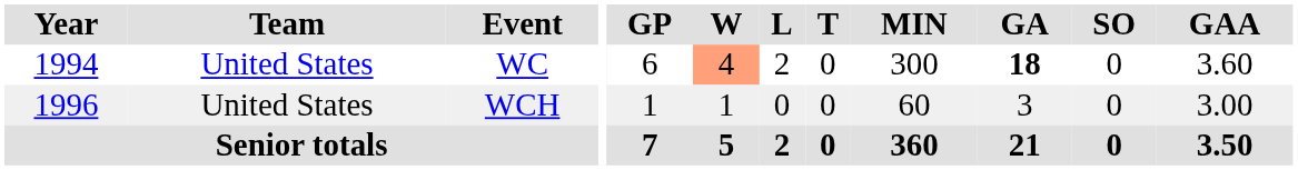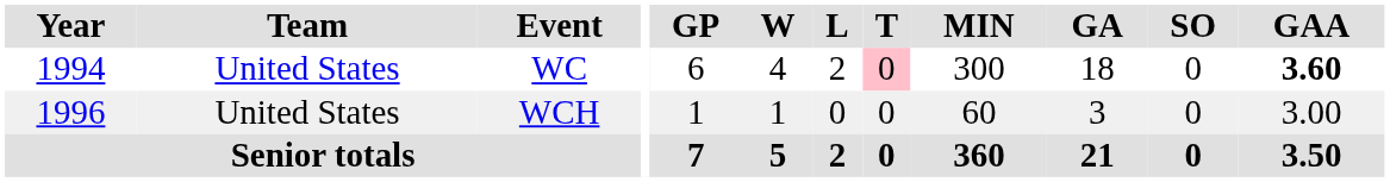 <table border="0" cellpadding="1" cellspacing="0" ID="Table3" style="text-align:center; width:40em">
 <tr ALIGN="center" bgcolor="#e0e0e0">
 <th>Year</th>
 <th>Team</th>
 <th>Event</th>
 <th rowspan="99" bgcolor="#ffffff"></th>
 <th>GP</th>
 <th>W</th>
 <th>L</th>
 <th>T</th>
 <th>MIN</th>
 <th>GA</th>
 <th>SO</th>
 <th>GAA</th>
 </tr>
 <tr>
 <td><a href='#'>1994</a></td>
 <td><a href='#'>United States</a></td>
 <td><a href='#'>WC</a></td>
 <td>6</td>
-<td style="background: lightsalmon;">4</td>
+<td>4</td>
 <td>2</td>
+<td style="background: pink;">0</td>
+<td>300</td>
+<td>18</td>
 <td>0</td>
-<td>300</td>
-<td><strong>18</strong></td>
-<td>0</td>
-<td>3.60</td>
+<td><strong>3.60</strong></td>
 </tr>
 <tr bgcolor="#f0f0f0">
 <td><a href='#'>1996</a></td>
 <td>United States</td>
 <td><a href='#'>WCH</a></td>
 <td>1</td>
 <td>1</td>
 <td>0</td>
 <td>0</td>
 <td>60</td>
 <td>3</td>
 <td>0</td>
 <td>3.00</td>
 </tr>
 <tr bgcolor="#e0e0e0">
 <th colspan="3">Senior totals</th>
 <th>7</th>
 <th>5</th>
 <th>2</th>
 <th>0</th>
 <th>360</th>
 <th>21</th>
 <th>0</th>
 <th>3.50</th>
 </tr>
 </table>
